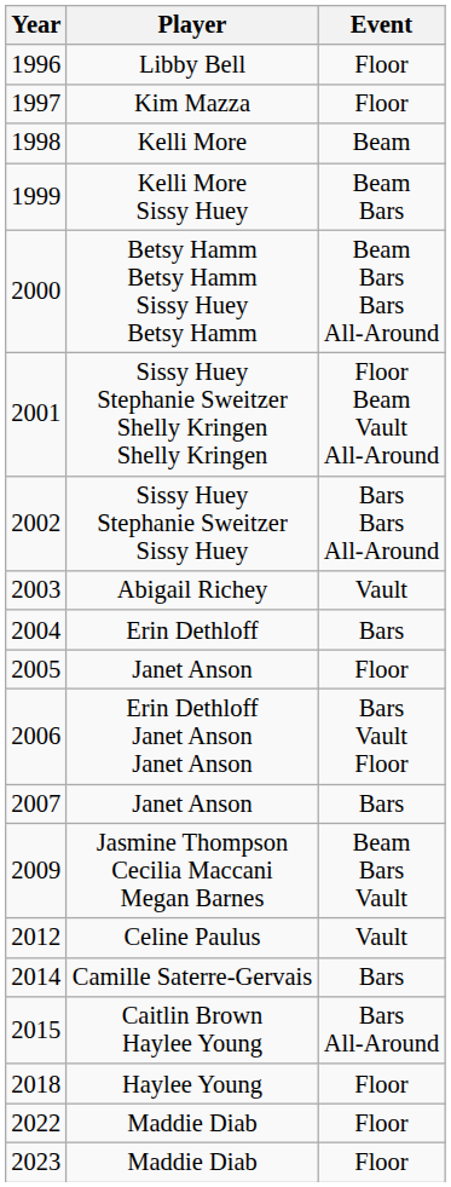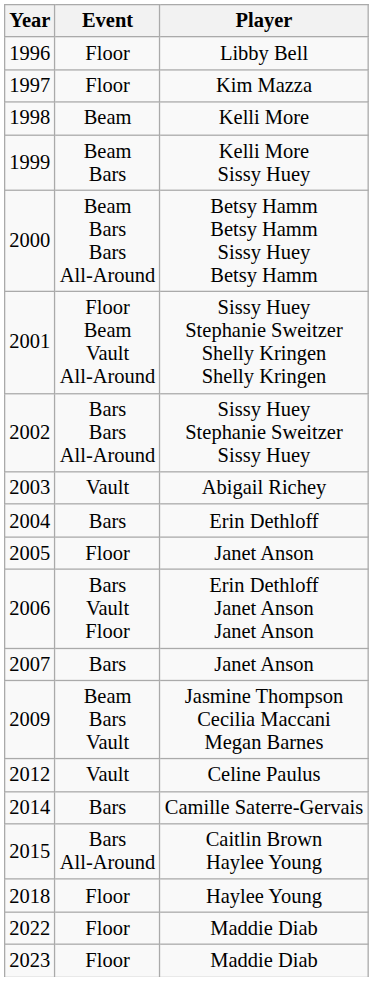 <table class="wikitable" style="text-align: center">
 <tr align=center>
 <th>Year</th>
+<th>Event</th>
 <th>Player</th>
-<th>Event</th>
 </tr>
 <tr>
 <td>1996</td>
+<td>Floor</td>
 <td>Libby Bell</td>
-<td>Floor</td>
 </tr>
 <tr>
 <td>1997</td>
+<td>Floor</td>
 <td>Kim Mazza</td>
-<td>Floor</td>
 </tr>
 <tr>
 <td>1998</td>
+<td>Beam</td>
 <td>Kelli More</td>
-<td>Beam</td>
 </tr>
 <tr>
 <td>1999</td>
+<td>Beam<br>Bars</td>
 <td>Kelli More<br>Sissy Huey</td>
-<td>Beam<br>Bars</td>
 </tr>
 <tr>
 <td>2000</td>
+<td>Beam<br>Bars<br>Bars<br>All-Around</td>
 <td>Betsy Hamm<br>Betsy Hamm<br>Sissy Huey<br>Betsy Hamm</td>
-<td>Beam<br>Bars<br>Bars<br>All-Around</td>
 </tr>
 <tr>
 <td>2001</td>
+<td>Floor<br>Beam<br>Vault<br>All-Around</td>
 <td>Sissy Huey<br>Stephanie Sweitzer<br>Shelly Kringen<br>Shelly Kringen</td>
-<td>Floor<br>Beam<br>Vault<br>All-Around</td>
 </tr>
 <tr>
 <td>2002</td>
+<td>Bars<br>Bars<br>All-Around</td>
 <td>Sissy Huey<br>Stephanie Sweitzer<br>Sissy Huey</td>
-<td>Bars<br>Bars<br>All-Around</td>
 </tr>
 <tr>
 <td>2003</td>
+<td>Vault</td>
 <td>Abigail Richey</td>
-<td>Vault</td>
 </tr>
 <tr>
 <td>2004</td>
+<td>Bars</td>
 <td>Erin Dethloff</td>
-<td>Bars</td>
 </tr>
 <tr>
 <td>2005</td>
+<td>Floor</td>
 <td>Janet Anson</td>
-<td>Floor</td>
 </tr>
 <tr>
 <td>2006</td>
+<td>Bars<br>Vault<br>Floor</td>
 <td>Erin Dethloff<br>Janet Anson<br>Janet Anson</td>
-<td>Bars<br>Vault<br>Floor</td>
 </tr>
 <tr>
 <td>2007</td>
+<td>Bars</td>
 <td>Janet Anson</td>
-<td>Bars</td>
 </tr>
 <tr>
 <td>2009</td>
+<td>Beam<br>Bars<br>Vault</td>
 <td>Jasmine Thompson<br>Cecilia Maccani<br>Megan Barnes</td>
-<td>Beam<br>Bars<br>Vault</td>
 </tr>
 <tr>
 <td>2012</td>
+<td>Vault</td>
 <td>Celine Paulus</td>
-<td>Vault</td>
 </tr>
 <tr>
 <td>2014</td>
+<td>Bars</td>
 <td>Camille Saterre-Gervais</td>
-<td>Bars</td>
 </tr>
 <tr>
 <td>2015</td>
+<td>Bars<br>All-Around</td>
 <td>Caitlin Brown<br>Haylee Young</td>
-<td>Bars<br>All-Around</td>
 </tr>
 <tr>
 <td>2018</td>
+<td>Floor</td>
 <td>Haylee Young</td>
-<td>Floor</td>
 </tr>
 <tr>
 <td>2022</td>
+<td>Floor</td>
 <td>Maddie Diab</td>
-<td>Floor</td>
 </tr>
 <tr>
 <td>2023</td>
+<td>Floor</td>
 <td>Maddie Diab</td>
-<td>Floor</td>
 </tr>
 </table>
